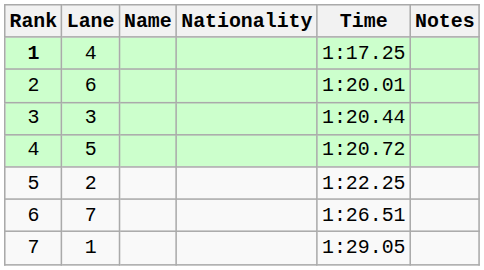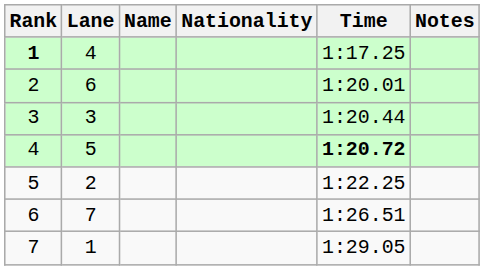 <table class="wikitable sortable" style="text-align:center">
 <tr>
 <th>Rank</th>
 <th>Lane</th>
 <th>Name</th>
 <th>Nationality</th>
 <th>Time</th>
 <th>Notes</th>
 </tr>
 <tr bgcolor=ccffcc>
 <td><strong>1</strong></td>
 <td>4</td>
 <td align=left></td>
 <td align=left></td>
 <td>1:17.25</td>
 <td><strong></strong> <strong></strong></td>
 </tr>
 <tr bgcolor=ccffcc>
 <td>2</td>
 <td>6</td>
 <td align=left></td>
 <td align=left></td>
 <td>1:20.01</td>
 <td><strong></strong></td>
 </tr>
 <tr bgcolor=ccffcc>
 <td>3</td>
 <td>3</td>
 <td align=left></td>
 <td align=left></td>
 <td>1:20.44</td>
 <td><strong></strong></td>
 </tr>
 <tr bgcolor=ccffcc>
 <td>4</td>
 <td>5</td>
 <td align=left></td>
 <td align=left></td>
-<td>1:20.72</td>
+<td><strong>1:20.72</strong></td>
 <td><strong></strong></td>
 </tr>
 <tr>
 <td>5</td>
 <td>2</td>
 <td align=left></td>
 <td align=left></td>
 <td>1:22.25</td>
 <td></td>
 </tr>
 <tr>
 <td>6</td>
 <td>7</td>
 <td align=left></td>
 <td align=left></td>
 <td>1:26.51</td>
 <td></td>
 </tr>
 <tr>
 <td>7</td>
 <td>1</td>
 <td align=left></td>
 <td align=left></td>
 <td>1:29.05</td>
 <td></td>
 </tr>
 </table>
